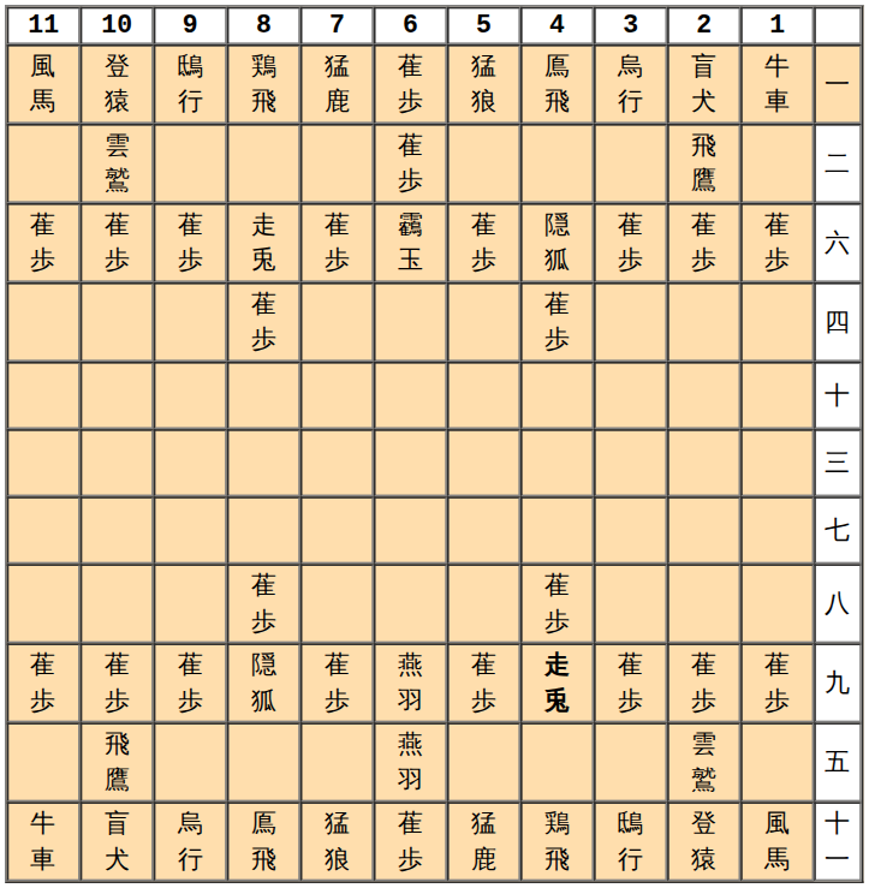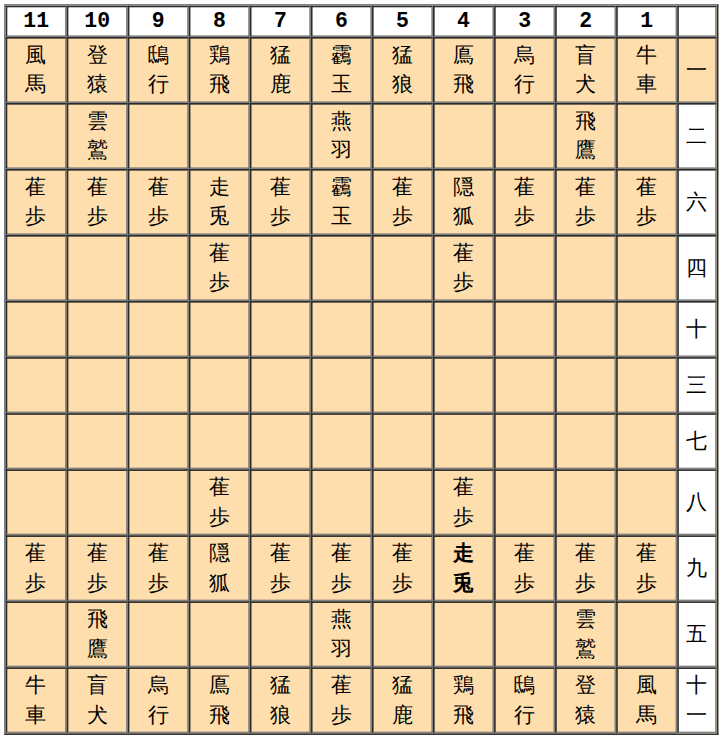 <table style="background:#ffdead" border="1" cellspacing="0">
 <tr align=center border="0" style="background:white;">
 <th style="width:33px">11</th>
 <th style="width:33px">10</th>
 <th style="width:33px">9</th>
 <th style="width:33px">8</th>
 <th style="width:33px">7</th>
 <th style="width:33px">6</th>
 <th style="width:33px">5</th>
 <th style="width:33px">4</th>
 <th style="width:33px">3</th>
 <th style="width:33px">2</th>
 <th style="width:33px">1</th>
 <th> </th>
 </tr>
 <tr align=center>
 <td>風<br>馬</td>
 <td>登<br>猿</td>
 <td>鴟<br>行</td>
 <td>鶏<br>飛</td>
 <td>猛<br>鹿</td>
-<td>萑<br>歩</td>
+<td>靏<br>玉</td>
 <td>猛<br>狼</td>
 <td>鳫<br>飛</td>
 <td>烏<br>行</td>
 <td>盲<br>犬</td>
 <td>牛<br>車</td>
 <td style="width:20px" style="background:white;">一</td>
 </tr>
 <tr align=center>
 <td> </td>
 <td>雲<br>鷲</td>
 <td> </td>
 <td> </td>
 <td> </td>
-<td>萑<br>歩</td>
+<td>燕<br>羽</td>
 <td> </td>
 <td> </td>
 <td> </td>
 <td>飛<br>鷹</td>
 <td> </td>
 <td style="background:white;">二</td>
 </tr>
 <tr align=center>
 <td>萑<br>歩</td>
 <td>萑<br>歩</td>
 <td>萑<br>歩</td>
 <td>走<br>兎</td>
 <td>萑<br>歩</td>
 <td>靏<br>玉</td>
 <td>萑<br>歩</td>
 <td>隠<br>狐</td>
 <td>萑<br>歩</td>
 <td>萑<br>歩</td>
 <td>萑<br>歩</td>
 <td style="background:white;">六</td>
 </tr>
 <tr align=center>
 <td> </td>
 <td> </td>
 <td> </td>
 <td>萑<br>歩</td>
 <td> </td>
 <td> </td>
 <td> </td>
 <td>萑<br>歩</td>
 <td> </td>
 <td> </td>
 <td> </td>
 <td style="background:white;">四</td>
 </tr>
 <tr align=center>
 <td> <br> </td>
 <td> </td>
 <td> </td>
 <td> </td>
 <td> </td>
 <td> </td>
 <td> </td>
 <td> </td>
 <td> </td>
 <td> </td>
 <td> </td>
 <td style="background:white;">十</td>
 </tr>
 <tr align=center>
 <td> <br> </td>
 <td> </td>
 <td> </td>
 <td> </td>
 <td> </td>
 <td> </td>
 <td> </td>
 <td> </td>
 <td> </td>
 <td> </td>
 <td> </td>
 <td style="background:white;">三</td>
 </tr>
 <tr align=center>
 <td> <br> </td>
 <td> </td>
 <td> </td>
 <td> </td>
 <td> </td>
 <td> </td>
 <td> </td>
 <td> </td>
 <td> </td>
 <td> </td>
 <td> </td>
 <td style="background:white;">七</td>
 </tr>
 <tr align=center>
 <td> </td>
 <td> </td>
 <td> </td>
 <td>萑<br>歩</td>
 <td> </td>
 <td> </td>
 <td> </td>
 <td>萑<br>歩</td>
 <td> </td>
 <td> </td>
 <td> </td>
 <td style="background:white;">八</td>
 </tr>
 <tr align=center>
 <td>萑<br>歩</td>
 <td>萑<br>歩</td>
 <td>萑<br>歩</td>
 <td>隠<br>狐</td>
 <td>萑<br>歩</td>
-<td>燕<br>羽</td>
+<td>萑<br>歩</td>
 <td>萑<br>歩</td>
 <td><strong>走<br>兎</strong></td>
 <td>萑<br>歩</td>
 <td>萑<br>歩</td>
 <td>萑<br>歩</td>
 <td style="background:white;">九</td>
 </tr>
 <tr align=center>
 <td> </td>
 <td>飛<br>鷹</td>
 <td> </td>
 <td> </td>
 <td> </td>
 <td>燕<br>羽</td>
 <td> </td>
 <td> </td>
 <td> </td>
 <td>雲<br>鷲</td>
 <td> </td>
 <td style="background:white;">五</td>
 </tr>
 <tr align=center>
 <td>牛<br>車</td>
 <td>盲<br>犬</td>
 <td>烏<br>行</td>
 <td>鳫<br>飛</td>
 <td>猛<br>狼</td>
 <td>萑<br>歩</td>
 <td>猛<br>鹿</td>
 <td>鶏<br>飛</td>
 <td>鴟<br>行</td>
 <td>登<br>猿</td>
 <td>風<br>馬</td>
 <td style="background:white;">十<br>一</td>
 </tr>
 </table>
